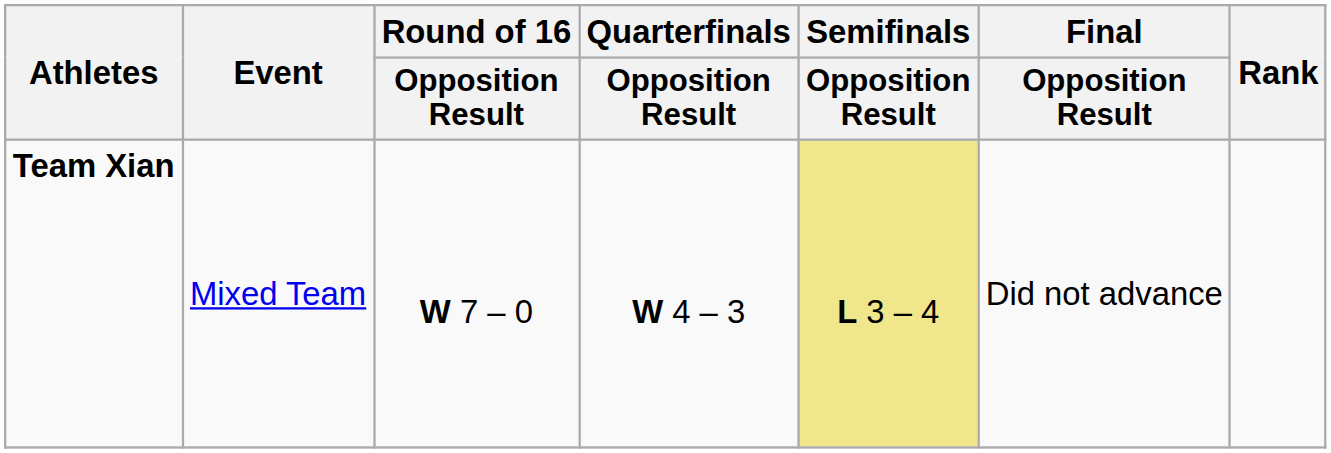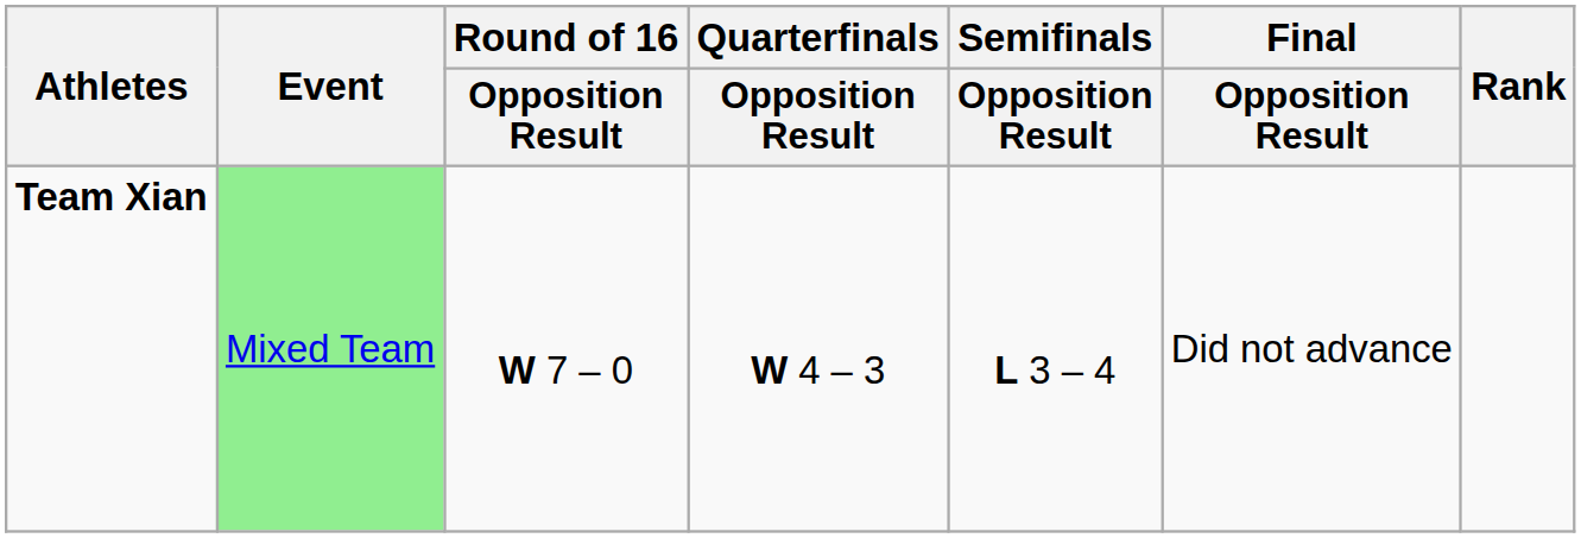 <table class="wikitable" style="font-size:90%">
 <tr>
 <th rowspan="2">Athletes</th>
 <th rowspan="2">Event</th>
 <th>Round of 16</th>
 <th>Quarterfinals</th>
 <th>Semifinals</th>
 <th>Final</th>
 <th rowspan=2>Rank</th>
 </tr>
 <tr style="font-size:95%">
 <th>Opposition<br>Result</th>
 <th>Opposition<br>Result</th>
 <th>Opposition<br>Result</th>
 <th>Opposition<br>Result</th>
 </tr>
 <tr align=center>
 <td align=left><strong>Team Xian</strong><br><br><br><br><br><br><br><br></td>
-<td align=left><a href='#'>Mixed Team</a></td>
+<td align=left style="background: lightgreen;"><a href='#'>Mixed Team</a></td>
 <td><br><strong>W</strong> 7 – 0</td>
 <td><br><strong>W</strong> 4 – 3</td>
-<td style="background: khaki;"><br><strong>L</strong> 3 – 4</td>
+<td><br><strong>L</strong> 3 – 4</td>
 <td>Did not advance</td>
 <td></td>
 </tr>
 </table>
